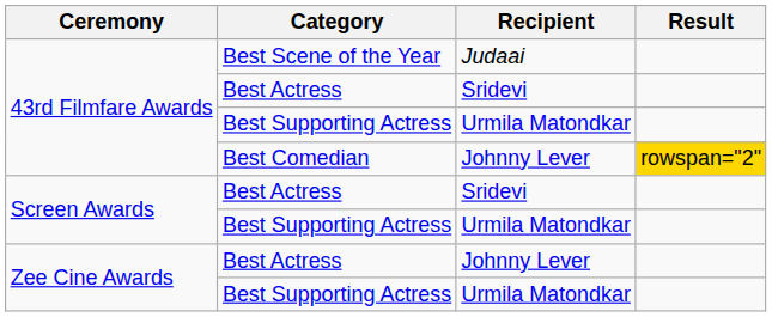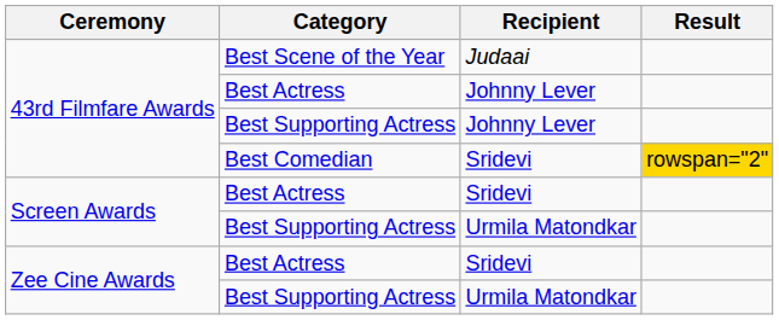 <table class="wikitable">
 <tr>
 <th>Ceremony</th>
 <th>Category</th>
 <th>Recipient</th>
 <th>Result</th>
 </tr>
 <tr>
 <td rowspan="4"><a href='#'>43rd Filmfare Awards</a></td>
 <td><a href='#'>Best Scene of the Year</a></td>
 <td><em>Judaai</em></td>
 <td></td>
 </tr>
 <tr>
 <td><a href='#'>Best Actress</a></td>
-<td><a href='#'>Sridevi</a></td>
+<td><a href='#'>Johnny Lever</a></td>
 <td></td>
 </tr>
 <tr>
 <td><a href='#'>Best Supporting Actress</a></td>
-<td><a href='#'>Urmila Matondkar</a></td>
+<td><a href='#'>Johnny Lever</a></td>
 <td></td>
 </tr>
 <tr>
 <td><a href='#'>Best Comedian</a></td>
-<td><a href='#'>Johnny Lever</a></td>
+<td><a href='#'>Sridevi</a></td>
 <td style="background: gold;">rowspan="2" </td>
 </tr>
 <tr>
 <td rowspan="2"><a href='#'>Screen Awards</a></td>
 <td><a href='#'>Best Actress</a></td>
 <td><a href='#'>Sridevi</a></td>
 </tr>
 <tr>
 <td><a href='#'>Best Supporting Actress</a></td>
 <td><a href='#'>Urmila Matondkar</a></td>
 <td></td>
 </tr>
 <tr>
 <td rowspan="2"><a href='#'>Zee Cine Awards</a></td>
 <td><a href='#'>Best Actress</a></td>
-<td><a href='#'>Johnny Lever</a></td>
+<td><a href='#'>Sridevi</a></td>
 <td></td>
 </tr>
 <tr>
 <td><a href='#'>Best Supporting Actress</a></td>
 <td><a href='#'>Urmila Matondkar</a></td>
 <td></td>
 </tr>
 </table>
